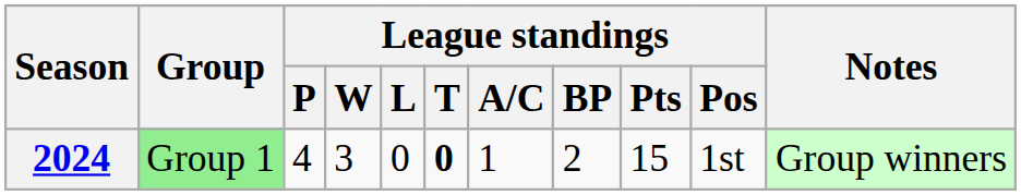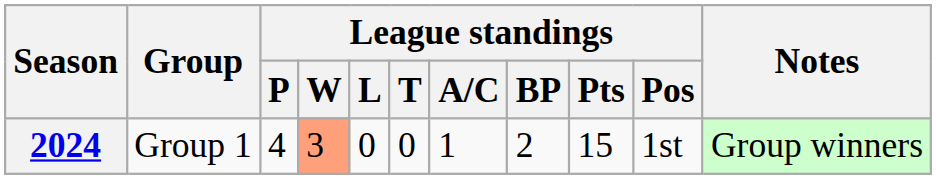 <table class="wikitable sortable">
 <tr>
 <th scope="col" rowspan="2">Season</th>
 <th scope="col" rowspan="2">Group</th>
 <th scope="col" colspan="8">League standings</th>
 <th scope="col" rowspan="2">Notes</th>
 </tr>
 <tr>
 <th scope="col">P</th>
 <th scope="col">W</th>
 <th scope="col">L</th>
 <th scope="col">T</th>
 <th scope="col">A/C</th>
 <th scope="col">BP</th>
 <th scope="col">Pts</th>
 <th scope="col">Pos</th>
 </tr>
 <tr>
 <th scope="row"><a href='#'>2024</a></th>
-<td style="background: lightgreen;">Group 1</td>
+<td>Group 1</td>
 <td>4</td>
-<td>3</td>
+<td style="background: lightsalmon;">3</td>
 <td>0</td>
-<td><strong>0</strong></td>
+<td>0</td>
 <td>1</td>
 <td>2</td>
 <td>15</td>
 <td>1st</td>
 <td style="background: #cfc;">Group winners</td>
 </tr>
 </table>
